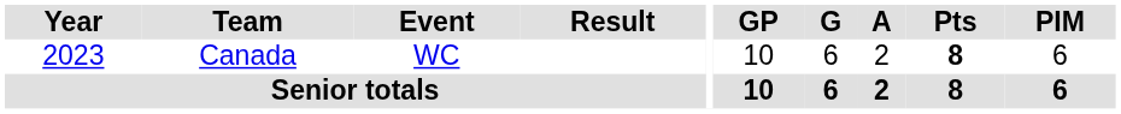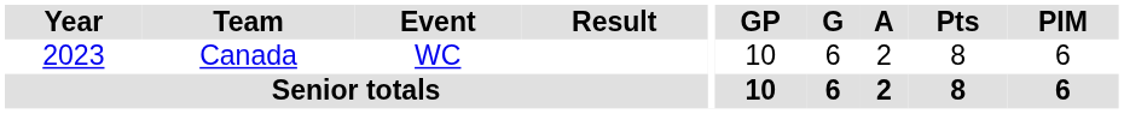 <table border="0" cellpadding="1" cellspacing="0" ID="Table3" style="text-align:center; width:40em">
 <tr bgcolor="#e0e0e0">
 <th>Year</th>
 <th>Team</th>
 <th>Event</th>
 <th>Result</th>
 <th rowspan="99" bgcolor="#ffffff"></th>
 <th>GP</th>
 <th>G</th>
 <th>A</th>
 <th>Pts</th>
 <th>PIM</th>
 </tr>
 <tr>
 <td><a href='#'>2023</a></td>
 <td><a href='#'>Canada</a></td>
 <td><a href='#'>WC</a></td>
 <td></td>
 <td>10</td>
 <td>6</td>
 <td>2</td>
-<td><strong>8</strong></td>
+<td>8</td>
 <td>6</td>
 </tr>
 <tr bgcolor="#e0e0e0">
 <th colspan="4">Senior totals</th>
 <th>10</th>
 <th>6</th>
 <th>2</th>
 <th>8</th>
 <th>6</th>
 </tr>
 </table>
